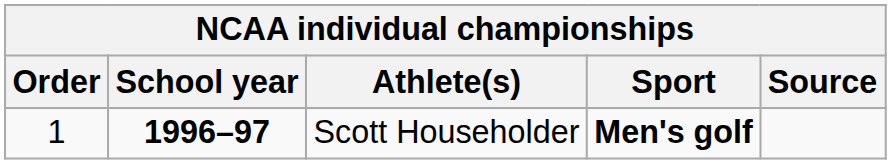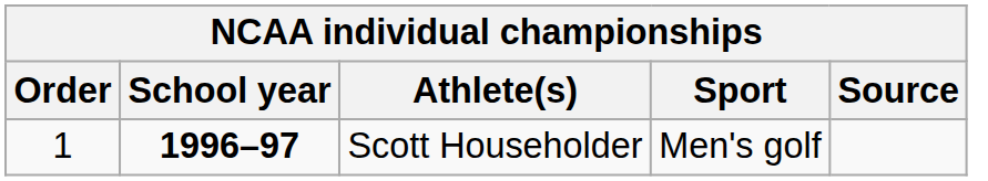 <table class="wikitable" style="text-align:center">
 <tr align="center">
 <th colspan=5>NCAA individual championships</th>
 </tr>
 <tr>
 <th>Order</th>
 <th>School year</th>
 <th>Athlete(s)</th>
 <th>Sport</th>
 <th>Source</th>
 </tr>
 <tr align="center" bgcolor="">
 <td>1</td>
 <td><strong>1996–97</strong></td>
 <td>Scott Householder</td>
-<td><strong>Men's golf</strong></td>
+<td>Men's golf</td>
 <td></td>
 </tr>
 </table>
